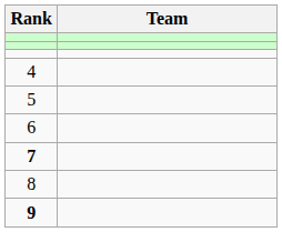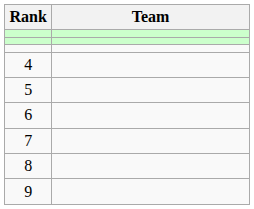 <table class="wikitable" style="text-align: center;">
 <tr>
 <th width="40">Rank</th>
 <th width="190">Team</th>
 </tr>
 <tr bgcolor="ccffcc">
 <td></td>
 <td align="left"></td>
 </tr>
 <tr bgcolor="ccffcc">
 <td></td>
 <td align="left"></td>
 </tr>
 <tr>
 <td></td>
 <td align="left"></td>
 </tr>
 <tr>
 <td>4</td>
 <td align="left"></td>
 </tr>
 <tr>
 <td>5</td>
 <td align="left"></td>
 </tr>
 <tr>
 <td>6</td>
 <td align="left"></td>
 </tr>
 <tr>
-<td><strong>7</strong></td>
+<td>7</td>
 <td align="left"></td>
 </tr>
 <tr>
 <td>8</td>
 <td align="left"></td>
 </tr>
 <tr>
-<td><strong>9</strong></td>
+<td>9</td>
 <td align="left"></td>
 </tr>
 </table>
